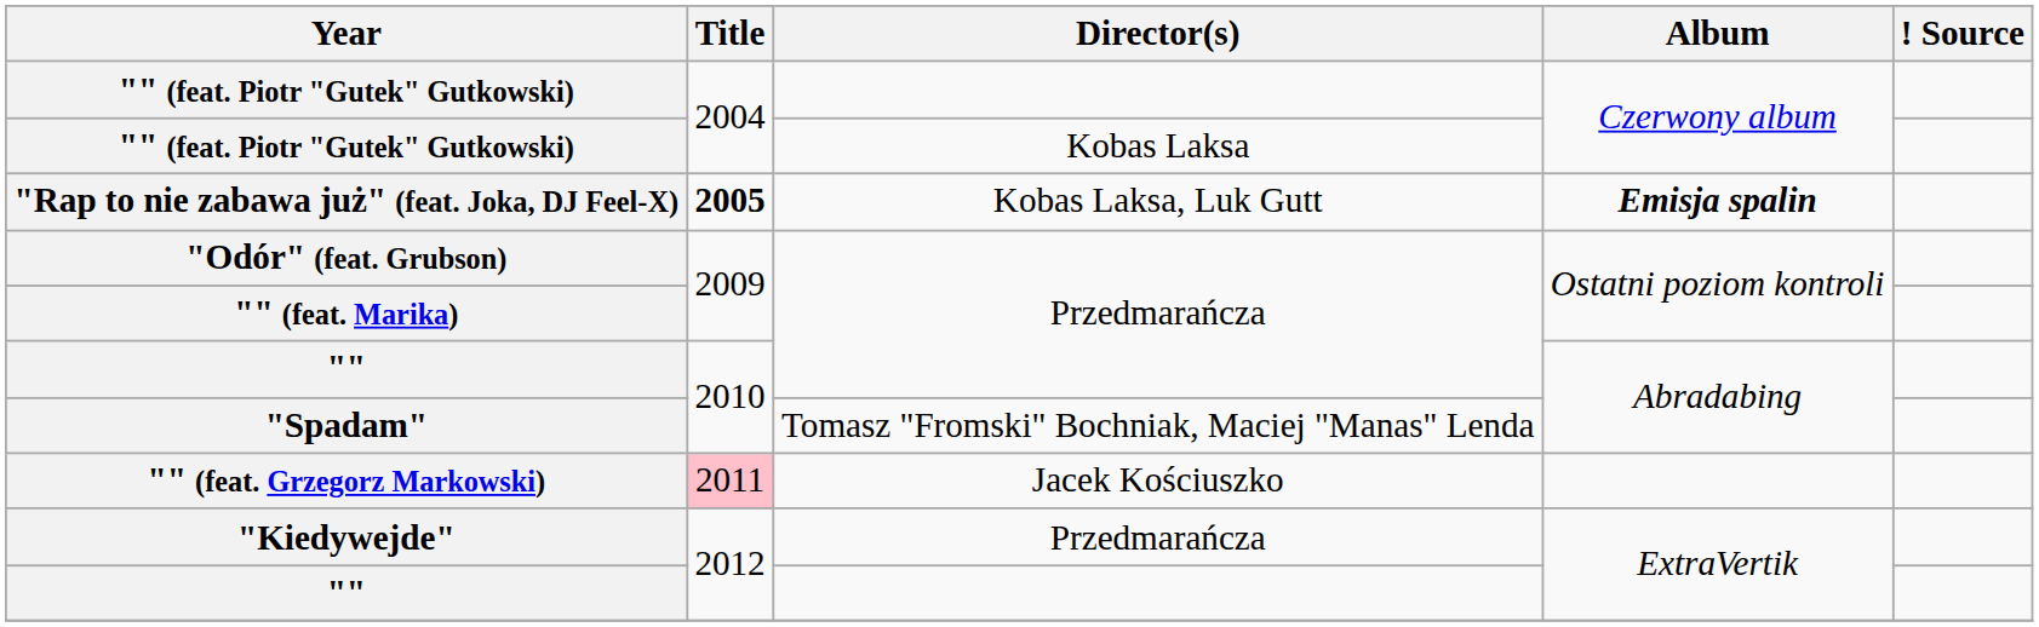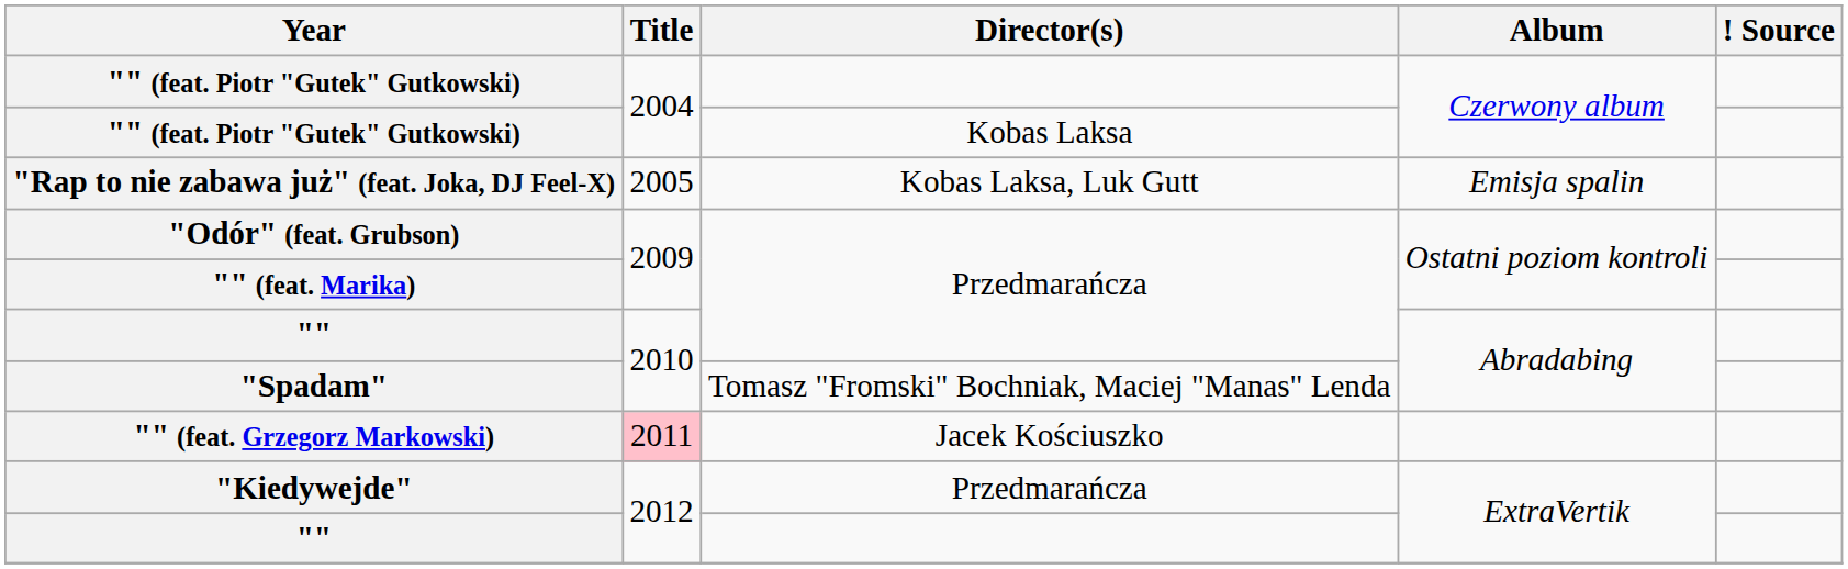 <table class="wikitable plainrowheaders" border="1" style="text-align: center;">
 <tr>
 <th scope="col">Year</th>
 <th scope="col">Title</th>
 <th scope="col">Director(s)</th>
 <th scope="col">Album</th>
 <th scope="col">! Source</th>
 </tr>
 <tr>
 <th scope="row">"" <small>(feat. Piotr "Gutek" Gutkowski)</small></th>
 <td rowspan=2>2004</td>
 <td></td>
 <td rowspan=2><em><a href='#'>Czerwony album</a></em></td>
 <td></td>
 </tr>
 <tr>
 <th scope="row">""  <small>(feat. Piotr "Gutek" Gutkowski)</small></th>
 <td>Kobas Laksa</td>
 <td></td>
 </tr>
 <tr>
 <th scope="row">"Rap to nie zabawa już"  <small>(feat. Joka, DJ Feel-X)</small></th>
-<td><strong>2005</strong></td>
+<td>2005</td>
 <td>Kobas Laksa, Luk Gutt</td>
-<td><strong><em>Emisja spalin</em></strong></td>
+<td><em>Emisja spalin</em></td>
 <td></td>
 </tr>
 <tr>
 <th scope="row">"Odór" <small>(feat. Grubson)</small></th>
 <td rowspan=2>2009</td>
 <td rowspan=3>Przedmarańcza</td>
 <td rowspan=2><em>Ostatni poziom kontroli</em></td>
 <td></td>
 </tr>
 <tr>
 <th scope="row">"" <small>(feat. <a href='#'>Marika</a>)</small></th>
 <td></td>
 </tr>
 <tr>
 <th scope="row">""</th>
 <td rowspan=2>2010</td>
 <td rowspan=2><em>Abradabing</em></td>
 <td></td>
 </tr>
 <tr>
 <th scope="row">"Spadam"</th>
 <td>Tomasz "Fromski" Bochniak, Maciej "Manas" Lenda</td>
 <td></td>
 </tr>
 <tr>
 <th scope="row">"" <small>(feat. <a href='#'>Grzegorz Markowski</a>)</small></th>
 <td style="background: pink;">2011</td>
 <td>Jacek Kościuszko</td>
 <td></td>
 <td></td>
 </tr>
 <tr>
 <th scope="row">"Kiedywejde"</th>
 <td rowspan=2>2012</td>
 <td>Przedmarańcza</td>
 <td rowspan=2><em>ExtraVertik</em></td>
 <td></td>
 </tr>
 <tr>
 <th scope="row">""</th>
 <td></td>
 <td></td>
 </tr>
 <tr>
 </tr>
 </table>
